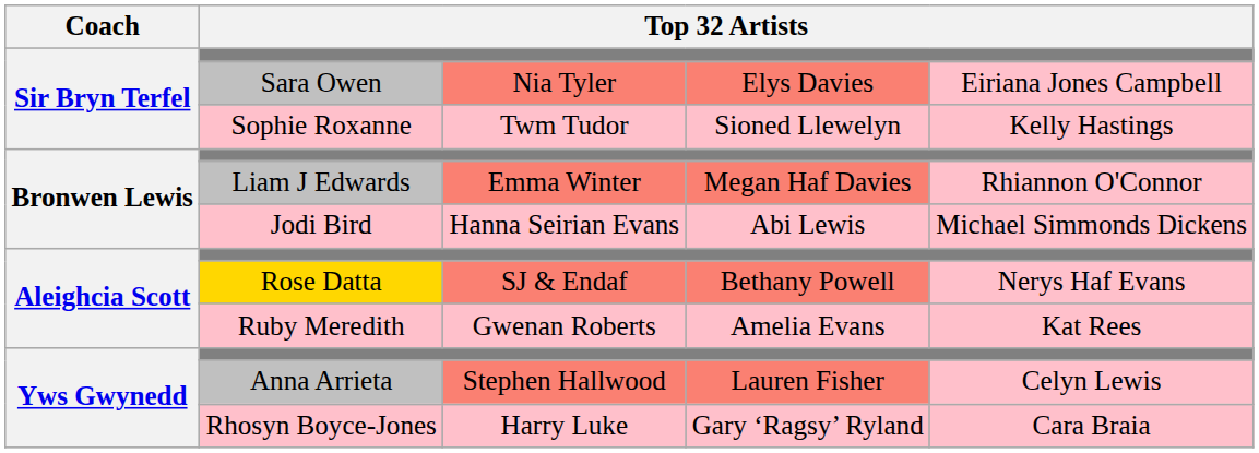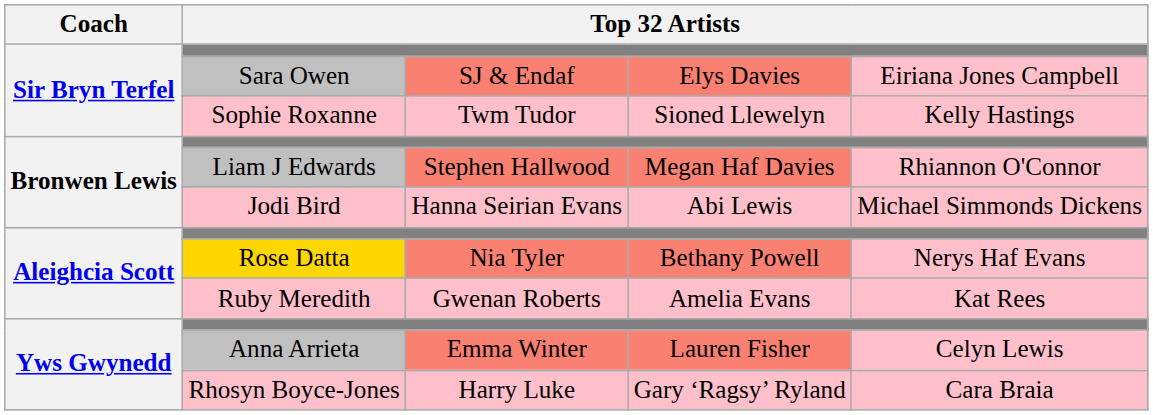 <table class="wikitable" style="text-align:center;">
 <tr>
 <th scope="col">Coach</th>
 <th colspan="4" scope="col">Top 32 Artists</th>
 </tr>
 <tr>
 <th rowspan="3"><a href='#'>Sir Bryn Terfel</a></th>
 <td colspan="4" style="background:grey"></td>
 </tr>
 <tr>
 <td style="background:silver">Sara Owen</td>
-<td style="background:salmon">Nia Tyler</td>
+<td style="background:salmon">SJ & Endaf</td>
 <td style="background:salmon">Elys Davies</td>
 <td style="background:pink">Eiriana Jones Campbell</td>
 </tr>
 <tr>
 <td style="background:pink">Sophie Roxanne</td>
 <td style="background:pink">Twm Tudor</td>
 <td style="background:pink">Sioned Llewelyn</td>
 <td style="background:pink">Kelly Hastings</td>
 </tr>
 <tr>
 <th rowspan="3">Bronwen Lewis</th>
 <td colspan="4" style="background:grey"></td>
 </tr>
 <tr>
 <td style="background:silver">Liam J Edwards</td>
-<td style="background:salmon">Emma Winter</td>
+<td style="background:salmon">Stephen Hallwood</td>
 <td style="background:salmon">Megan Haf Davies</td>
 <td style="background:pink">Rhiannon O'Connor</td>
 </tr>
 <tr>
 <td style="background:pink">Jodi Bird</td>
 <td style="background:pink">Hanna Seirian Evans</td>
 <td style="background:pink">Abi Lewis</td>
 <td style="background:pink">Michael Simmonds Dickens</td>
 </tr>
 <tr>
 <th rowspan="3"><a href='#'>Aleighcia Scott</a></th>
 <td colspan="4" style="background:grey"></td>
 </tr>
 <tr>
 <td style="background:gold">Rose Datta</td>
-<td style="background:salmon">SJ & Endaf</td>
+<td style="background:salmon">Nia Tyler</td>
 <td style="background:salmon">Bethany Powell</td>
 <td style="background:pink">Nerys Haf Evans</td>
 </tr>
 <tr>
 <td style="background:pink">Ruby Meredith</td>
 <td style="background:pink">Gwenan Roberts</td>
 <td style="background:pink">Amelia Evans</td>
 <td style="background:pink">Kat Rees</td>
 </tr>
 <tr>
 <th rowspan="3"><a href='#'>Yws Gwynedd</a></th>
 <td colspan="4" style="background:grey"></td>
 </tr>
 <tr>
 <td style="background:silver">Anna Arrieta</td>
-<td style="background:salmon">Stephen Hallwood</td>
+<td style="background:salmon">Emma Winter</td>
 <td style="background:salmon">Lauren Fisher</td>
 <td style="background:pink">Celyn Lewis</td>
 </tr>
 <tr>
 <td style="background:pink">Rhosyn Boyce-Jones</td>
 <td style="background:pink">Harry Luke</td>
 <td style="background:pink">Gary ‘Ragsy’ Ryland</td>
 <td style="background:pink">Cara Braia</td>
 </tr>
 </table>
